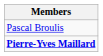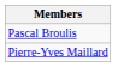 <table class="wikitable">
 <tr>
 <th>Members</th>
 </tr>
 <tr>
 <td><a href='#'>Pascal Broulis</a></td>
 </tr>
 <tr>
-<td><strong><a href='#'>Pierre-Yves Maillard</a></strong></td>
+<td><a href='#'>Pierre-Yves Maillard</a></td>
 </tr>
 </table>
